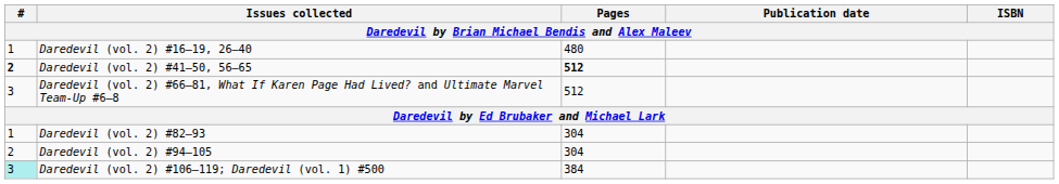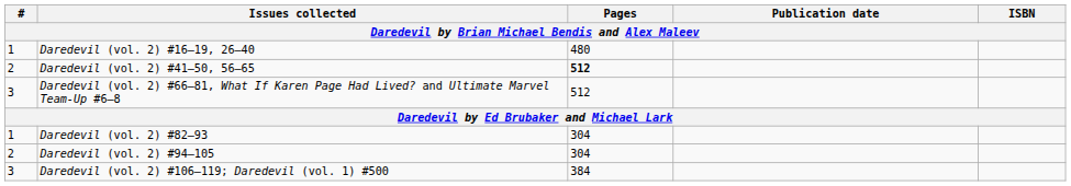 <table class="wikitable sortable" width=98%>
 <tr>
 <th class="unsortable">#</th>
 <th class="unsortable" width="50%">Issues collected</th>
 <th>Pages</th>
 <th>Publication date</th>
 <th class="unsortable">ISBN</th>
 </tr>
 <tr>
 <th colspan="5"><strong><em><a href='#'>Daredevil</a> by <a href='#'>Brian Michael Bendis</a> and <a href='#'>Alex Maleev</a></em></strong></th>
 </tr>
 <tr>
 <td>1</td>
 <td><em>Daredevil</em> (vol. 2) #16–19, 26–40</td>
 <td>480</td>
 <td></td>
 <td></td>
 </tr>
 <tr>
-<td><strong>2</strong></td>
+<td>2</td>
 <td><em>Daredevil</em> (vol. 2) #41–50, 56–65</td>
 <td><strong>512</strong></td>
 <td></td>
 <td></td>
 </tr>
 <tr>
 <td>3</td>
 <td><em>Daredevil</em> (vol. 2) #66–81, <em>What If Karen Page Had Lived?</em> and <em>Ultimate Marvel Team-Up</em> #6–8</td>
 <td>512</td>
 <td></td>
 <td></td>
 </tr>
 <tr>
 <th colspan="5"><strong><em><a href='#'>Daredevil</a> by <a href='#'>Ed Brubaker</a> and <a href='#'>Michael Lark</a></em></strong></th>
 </tr>
 <tr>
 <td>1</td>
 <td><em>Daredevil</em> (vol. 2) #82–93</td>
 <td>304</td>
 <td></td>
 <td></td>
 </tr>
 <tr>
 <td>2</td>
 <td><em>Daredevil</em> (vol. 2) #94–105</td>
 <td>304</td>
 <td></td>
 <td></td>
 </tr>
 <tr>
-<td style="background: paleturquoise;">3</td>
+<td>3</td>
 <td><em>Daredevil</em> (vol. 2) #106–119; <em>Daredevil</em> (vol. 1) #500</td>
 <td>384</td>
 <td></td>
 <td></td>
 </tr>
 </table>
